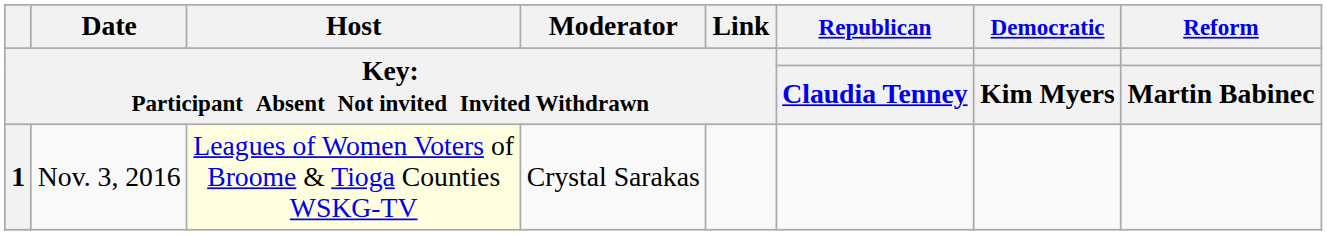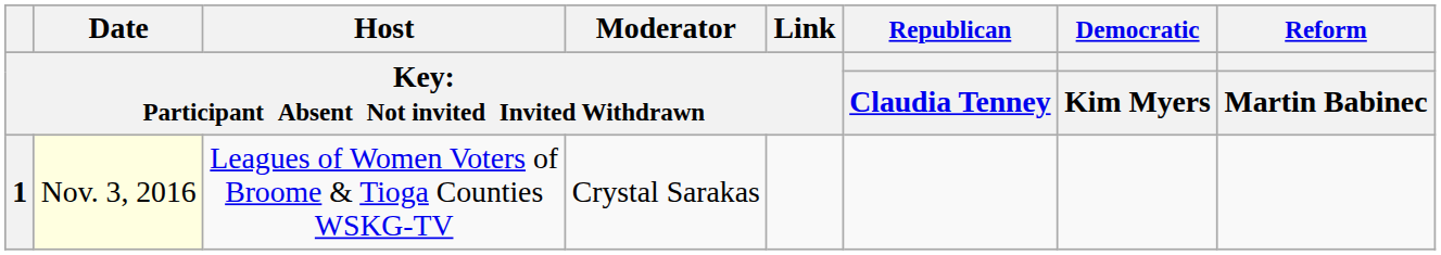 <table class="wikitable" style="text-align:center;">
 <tr>
 <th scope="col"></th>
 <th scope="col">Date</th>
 <th scope="col">Host</th>
 <th scope="col">Moderator</th>
 <th scope="col">Link</th>
 <th scope="col"><small><a href='#'>Republican</a></small></th>
 <th scope="col"><small><a href='#'>Democratic</a></small></th>
 <th scope="col"><small><a href='#'>Reform</a></small></th>
 </tr>
 <tr>
 <th colspan="5" rowspan="2">Key:<br> <small>Participant </small>  <small>Absent </small>  <small>Not invited </small>  <small>Invited  Withdrawn</small></th>
 <th scope="col" style="background:"></th>
 <th scope="col" style="background:"></th>
 <th scope="col" style="background:"></th>
 </tr>
 <tr>
 <th scope="col"><a href='#'>Claudia Tenney</a></th>
 <th scope="col">Kim Myers</th>
 <th scope="col">Martin Babinec</th>
 </tr>
 <tr>
 <th>1</th>
-<td style="white-space:nowrap;">Nov. 3, 2016</td>
-<td style="background: lightyellow; white-space:nowrap;"><a href='#'>Leagues of Women Voters</a> of<br><a href='#'>Broome</a> & <a href='#'>Tioga</a> Counties<br><a href='#'>WSKG-TV</a></td>
+<td style="background: lightyellow; white-space:nowrap;">Nov. 3, 2016</td>
+<td style="white-space:nowrap;"><a href='#'>Leagues of Women Voters</a> of<br><a href='#'>Broome</a> & <a href='#'>Tioga</a> Counties<br><a href='#'>WSKG-TV</a></td>
 <td style="white-space:nowrap;">Crystal Sarakas</td>
 <td style="white-space:nowrap;"></td>
 <td></td>
 <td></td>
 <td></td>
 </tr>
 </table>
